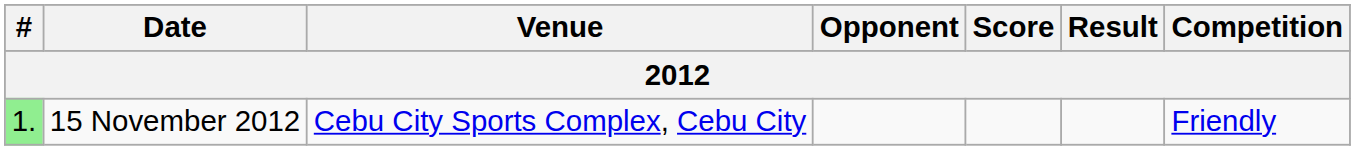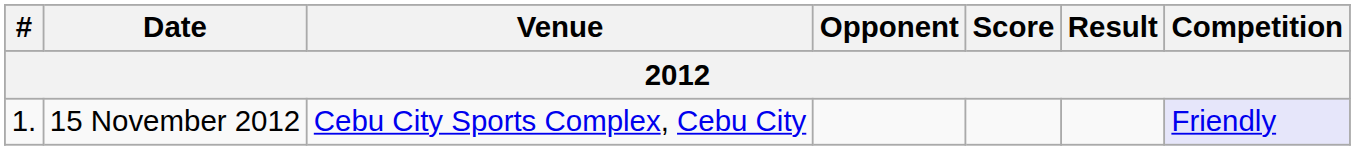 <table class="wikitable">
 <tr>
 <th>#</th>
 <th>Date</th>
 <th>Venue</th>
 <th>Opponent</th>
 <th>Score</th>
 <th>Result</th>
 <th>Competition</th>
 </tr>
 <tr>
 <th colspan="7">2012</th>
 </tr>
 <tr>
-<td style="background: lightgreen;">1.</td>
+<td>1.</td>
 <td>15 November 2012</td>
 <td><a href='#'>Cebu City Sports Complex</a>, <a href='#'>Cebu City</a></td>
 <td></td>
 <td></td>
 <td></td>
-<td><a href='#'>Friendly</a></td>
+<td style="background: lavender;"><a href='#'>Friendly</a></td>
 </tr>
 </table>
